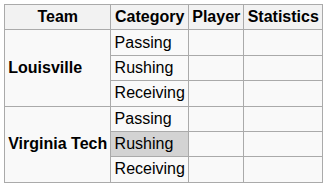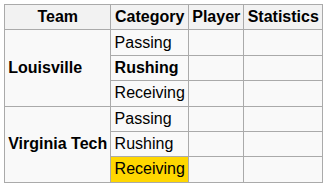 <table class="wikitable" style="float: right;">
 <tr>
 <th>Team</th>
 <th>Category</th>
 <th>Player</th>
 <th>Statistics</th>
 </tr>
 <tr>
 <td rowspan=3><strong>Louisville</strong></td>
 <td>Passing</td>
 <td></td>
 <td></td>
 </tr>
 <tr>
-<td>Rushing</td>
+<td><strong>Rushing</strong></td>
 <td></td>
 <td></td>
 </tr>
 <tr>
 <td>Receiving</td>
 <td></td>
 <td></td>
 </tr>
 <tr>
 <td rowspan=3><strong>Virginia Tech</strong></td>
 <td>Passing</td>
 <td></td>
 <td></td>
 </tr>
 <tr>
-<td style="background: lightgrey;">Rushing</td>
+<td>Rushing</td>
 <td></td>
 <td></td>
 </tr>
 <tr>
-<td>Receiving</td>
+<td style="background: gold;">Receiving</td>
 <td></td>
 <td></td>
 </tr>
 </table>
